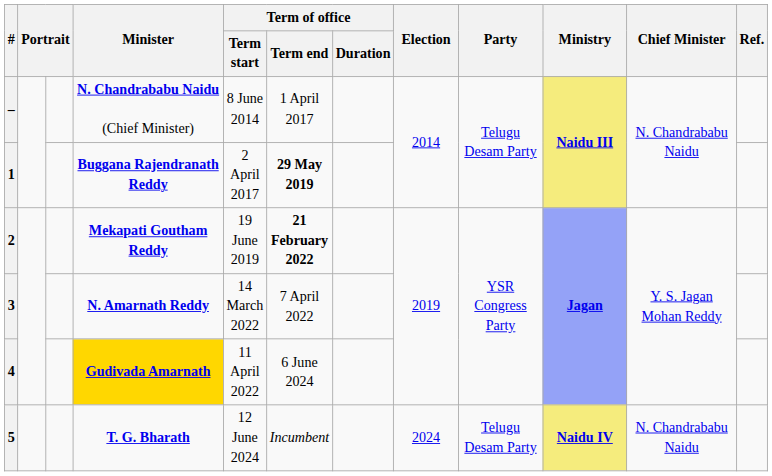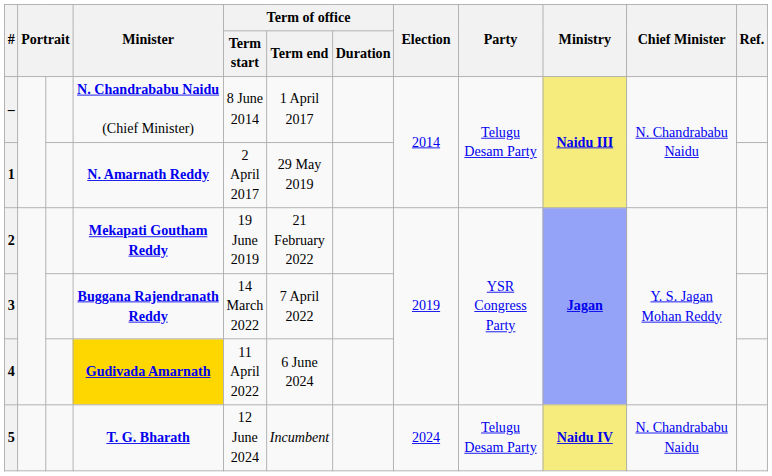 <table class="wikitable" style="line-height:1.4em; text-align:center">
 <tr>
 <th rowspan=2>#</th>
 <th rowspan=2 colspan="2">Portrait</th>
 <th rowspan=2 style="width:16em">Minister<br></th>
 <th colspan="3">Term of office</th>
 <th rowspan=2 style="width:5em">Election<br></th>
 <th rowspan=2 style="width:8em">Party</th>
 <th rowspan=2 style="width:8em">Ministry</th>
 <th rowspan=2 style="width:10em">Chief Minister</th>
 <th rowspan=2>Ref.</th>
 </tr>
 <tr>
 <th>Term start</th>
 <th>Term end</th>
 <th>Duration</th>
 </tr>
 <tr>
 <th>–</th>
 <td rowspan=2></td>
 <td></td>
 <td><strong><a href='#'>N. Chandrababu Naidu</a></strong><br><br>(Chief Minister)</td>
 <td>8 June 2014</td>
 <td>1 April 2017</td>
 <td><strong></strong></td>
 <td rowspan=2><a href='#'>2014</a><br></td>
 <td rowspan=2><a href='#'>Telugu Desam Party</a></td>
 <td rowspan=2 bgcolor="#F5EC7D"><strong><a href='#'>Naidu III</a></strong></td>
 <td rowspan=2><a href='#'>N. Chandrababu Naidu</a></td>
 <td></td>
 </tr>
 <tr>
 <th>1</th>
 <td></td>
-<td><strong><a href='#'>Buggana Rajendranath Reddy</a></strong><br></td>
+<td><strong><a href='#'>N. Amarnath Reddy</a></strong><br></td>
 <td>2 April 2017</td>
-<td><strong>29 May 2019</strong></td>
+<td>29 May 2019</td>
 <td><strong></strong></td>
 <td></td>
 </tr>
 <tr>
 <th>2</th>
 <td rowspan=3></td>
 <td></td>
 <td><strong><a href='#'>Mekapati Goutham Reddy</a></strong><br></td>
 <td>19 June 2019</td>
-<td><strong>21 February 2022 </strong></td>
+<td>21 February 2022 </td>
 <td><strong></strong></td>
 <td rowspan=3><a href='#'>2019</a><br></td>
 <td rowspan="3"><a href='#'>YSR Congress Party</a></td>
 <td rowspan=3 bgcolor="#94A2F7"><strong><a href='#'>Jagan</a></strong></td>
 <td rowspan="3"><a href='#'>Y. S. Jagan Mohan Reddy</a></td>
 <td></td>
 </tr>
 <tr>
 <th>3</th>
 <td></td>
-<td><strong><a href='#'>N. Amarnath Reddy</a></strong><br></td>
+<td><strong><a href='#'>Buggana Rajendranath Reddy</a></strong><br></td>
 <td>14 March 2022</td>
 <td>7 April 2022</td>
 <td><strong></strong></td>
 <td></td>
 </tr>
 <tr>
 <th>4</th>
 <td></td>
 <td style="background: gold;"><strong><a href='#'>Gudivada Amarnath</a></strong><br></td>
 <td>11 April 2022</td>
 <td>6 June 2024</td>
 <td><strong></strong></td>
 <td></td>
 </tr>
 <tr>
 <th>5</th>
 <td></td>
 <td></td>
 <td><strong><a href='#'>T. G. Bharath</a></strong><br></td>
 <td>12 June 2024</td>
 <td><em>Incumbent</em></td>
 <td><strong></strong></td>
 <td><a href='#'>2024</a><br></td>
 <td><a href='#'>Telugu Desam Party</a></td>
 <td bgcolor="#F5EC7D"><strong><a href='#'>Naidu IV</a></strong></td>
 <td><a href='#'>N. Chandrababu Naidu</a></td>
 <td></td>
 </tr>
 </table>
